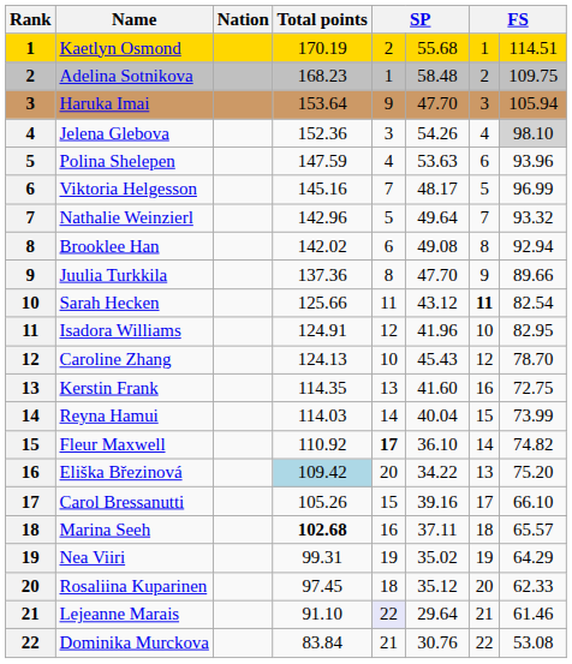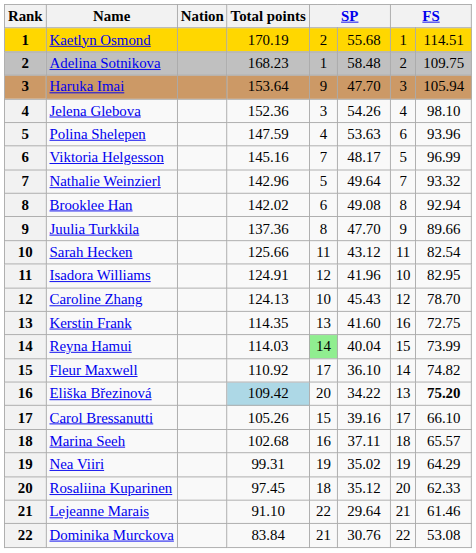 <table class="wikitable sortable">
 <tr>
 <th>Rank</th>
 <th>Name</th>
 <th>Nation</th>
 <th>Total points</th>
 <th colspan="2" width="80px"><a href='#'>SP</a></th>
 <th colspan="2" width="80px"><a href='#'>FS</a></th>
 </tr>
 <tr bgcolor="gold">
 <td align="center"><strong>1</strong></td>
 <td><a href='#'>Kaetlyn Osmond</a></td>
 <td></td>
 <td align="center">170.19</td>
 <td align="center">2</td>
 <td align="center">55.68</td>
 <td align="center">1</td>
 <td align="center">114.51</td>
 </tr>
 <tr bgcolor="silver">
 <td align="center"><strong>2</strong></td>
 <td><a href='#'>Adelina Sotnikova</a></td>
 <td></td>
 <td align="center">168.23</td>
 <td align="center">1</td>
 <td align="center">58.48</td>
 <td align="center">2</td>
 <td align="center">109.75</td>
 </tr>
 <tr bgcolor="cc9966">
 <td align="center"><strong>3</strong></td>
 <td><a href='#'>Haruka Imai</a></td>
 <td></td>
 <td align="center">153.64</td>
 <td align="center">9</td>
 <td align="center">47.70</td>
 <td align="center">3</td>
 <td align="center">105.94</td>
 </tr>
 <tr>
 <th>4</th>
 <td><a href='#'>Jelena Glebova</a></td>
 <td></td>
 <td align="center">152.36</td>
 <td align="center">3</td>
 <td align="center">54.26</td>
 <td align="center">4</td>
-<td align="center" style="background: lightgrey;">98.10</td>
+<td align="center">98.10</td>
 </tr>
 <tr>
 <th>5</th>
 <td><a href='#'>Polina Shelepen</a></td>
 <td></td>
 <td align="center">147.59</td>
 <td align="center">4</td>
 <td align="center">53.63</td>
 <td align="center">6</td>
 <td align="center">93.96</td>
 </tr>
 <tr>
 <th>6</th>
 <td><a href='#'>Viktoria Helgesson</a></td>
 <td></td>
 <td align="center">145.16</td>
 <td align="center">7</td>
 <td align="center">48.17</td>
 <td align="center">5</td>
 <td align="center">96.99</td>
 </tr>
 <tr>
 <th>7</th>
 <td><a href='#'>Nathalie Weinzierl</a></td>
 <td></td>
 <td align="center">142.96</td>
 <td align="center">5</td>
 <td align="center">49.64</td>
 <td align="center">7</td>
 <td align="center">93.32</td>
 </tr>
 <tr>
 <th>8</th>
 <td><a href='#'>Brooklee Han</a></td>
 <td></td>
 <td align="center">142.02</td>
 <td align="center">6</td>
 <td align="center">49.08</td>
 <td align="center">8</td>
 <td align="center">92.94</td>
 </tr>
 <tr>
 <th>9</th>
 <td><a href='#'>Juulia Turkkila</a></td>
 <td></td>
 <td align="center">137.36</td>
 <td align="center">8</td>
 <td align="center">47.70</td>
 <td align="center">9</td>
 <td align="center">89.66</td>
 </tr>
 <tr>
 <th>10</th>
 <td><a href='#'>Sarah Hecken</a></td>
 <td></td>
 <td align="center">125.66</td>
 <td align="center">11</td>
 <td align="center">43.12</td>
-<td align="center"><strong>11</strong></td>
+<td align="center">11</td>
 <td align="center">82.54</td>
 </tr>
 <tr>
 <th>11</th>
 <td><a href='#'>Isadora Williams</a></td>
 <td></td>
 <td align="center">124.91</td>
 <td align="center">12</td>
 <td align="center">41.96</td>
 <td align="center">10</td>
 <td align="center">82.95</td>
 </tr>
 <tr>
 <th>12</th>
 <td><a href='#'>Caroline Zhang</a></td>
 <td></td>
 <td align="center">124.13</td>
 <td align="center">10</td>
 <td align="center">45.43</td>
 <td align="center">12</td>
 <td align="center">78.70</td>
 </tr>
 <tr>
 <th>13</th>
 <td><a href='#'>Kerstin Frank</a></td>
 <td></td>
 <td align="center">114.35</td>
 <td align="center">13</td>
 <td align="center">41.60</td>
 <td align="center">16</td>
 <td align="center">72.75</td>
 </tr>
 <tr>
 <th>14</th>
 <td><a href='#'>Reyna Hamui</a></td>
 <td></td>
 <td align="center">114.03</td>
-<td align="center">14</td>
+<td align="center" style="background: lightgreen;">14</td>
 <td align="center">40.04</td>
 <td align="center">15</td>
 <td align="center">73.99</td>
 </tr>
 <tr>
 <th>15</th>
 <td><a href='#'>Fleur Maxwell</a></td>
 <td></td>
 <td align="center">110.92</td>
-<td align="center"><strong>17</strong></td>
+<td align="center">17</td>
 <td align="center">36.10</td>
 <td align="center">14</td>
 <td align="center">74.82</td>
 </tr>
 <tr>
 <th>16</th>
 <td><a href='#'>Eliška Březinová</a></td>
 <td></td>
 <td align="center" style="background: lightblue;">109.42</td>
 <td align="center">20</td>
 <td align="center">34.22</td>
 <td align="center">13</td>
-<td align="center">75.20</td>
+<td align="center"><strong>75.20</strong></td>
 </tr>
 <tr>
 <th>17</th>
 <td><a href='#'>Carol Bressanutti</a></td>
 <td></td>
 <td align="center">105.26</td>
 <td align="center">15</td>
 <td align="center">39.16</td>
 <td align="center">17</td>
 <td align="center">66.10</td>
 </tr>
 <tr>
 <th>18</th>
 <td><a href='#'>Marina Seeh</a></td>
 <td></td>
-<td align="center"><strong>102.68</strong></td>
+<td align="center">102.68</td>
 <td align="center">16</td>
 <td align="center">37.11</td>
 <td align="center">18</td>
 <td align="center">65.57</td>
 </tr>
 <tr>
 <th>19</th>
 <td><a href='#'>Nea Viiri</a></td>
 <td></td>
 <td align="center">99.31</td>
 <td align="center">19</td>
 <td align="center">35.02</td>
 <td align="center">19</td>
 <td align="center">64.29</td>
 </tr>
 <tr>
 <th>20</th>
 <td><a href='#'>Rosaliina Kuparinen</a></td>
 <td></td>
 <td align="center">97.45</td>
 <td align="center">18</td>
 <td align="center">35.12</td>
 <td align="center">20</td>
 <td align="center">62.33</td>
 </tr>
 <tr>
 <th>21</th>
 <td><a href='#'>Lejeanne Marais</a></td>
 <td></td>
 <td align="center">91.10</td>
-<td align="center" style="background: lavender;">22</td>
+<td align="center">22</td>
 <td align="center">29.64</td>
 <td align="center">21</td>
 <td align="center">61.46</td>
 </tr>
 <tr>
 <th>22</th>
 <td><a href='#'>Dominika Murckova</a></td>
 <td></td>
 <td align="center">83.84</td>
 <td align="center">21</td>
 <td align="center">30.76</td>
 <td align="center">22</td>
 <td align="center">53.08</td>
 </tr>
 </table>
